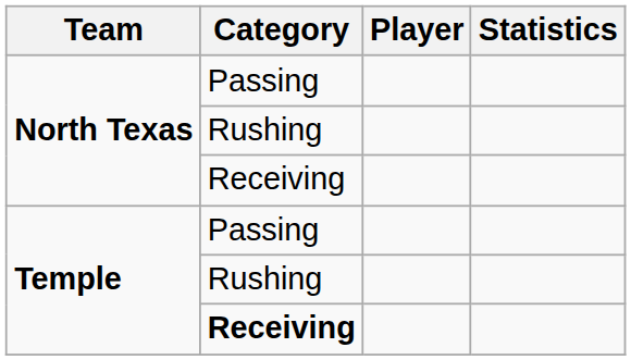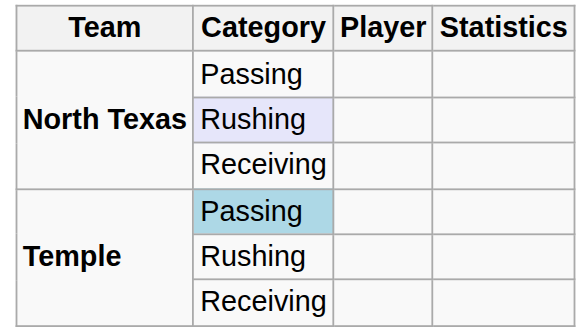 <table class="wikitable" style="float: right;">
 <tr>
 <th>Team</th>
 <th>Category</th>
 <th>Player</th>
 <th>Statistics</th>
 </tr>
 <tr>
 <td rowspan=3><strong>North Texas</strong></td>
 <td>Passing</td>
 <td></td>
 <td></td>
 </tr>
 <tr>
-<td>Rushing</td>
+<td style="background: lavender;">Rushing</td>
 <td></td>
 <td></td>
 </tr>
 <tr>
 <td>Receiving</td>
 <td></td>
 <td></td>
 </tr>
 <tr>
 <td rowspan=3><strong>Temple</strong></td>
-<td>Passing</td>
+<td style="background: lightblue;">Passing</td>
 <td></td>
 <td></td>
 </tr>
 <tr>
 <td>Rushing</td>
 <td></td>
 <td></td>
 </tr>
 <tr>
-<td><strong>Receiving</strong></td>
+<td>Receiving</td>
 <td></td>
 <td></td>
 </tr>
 </table>
